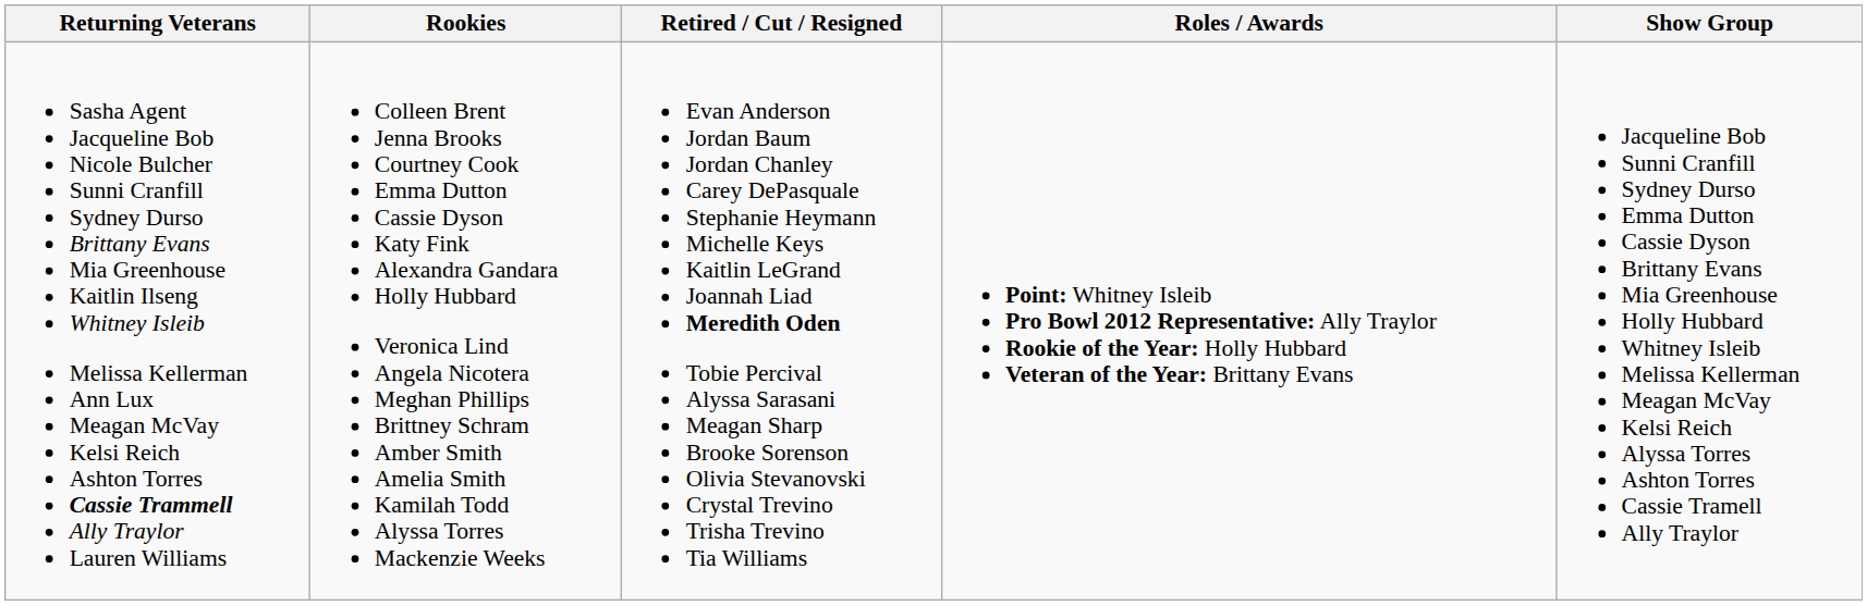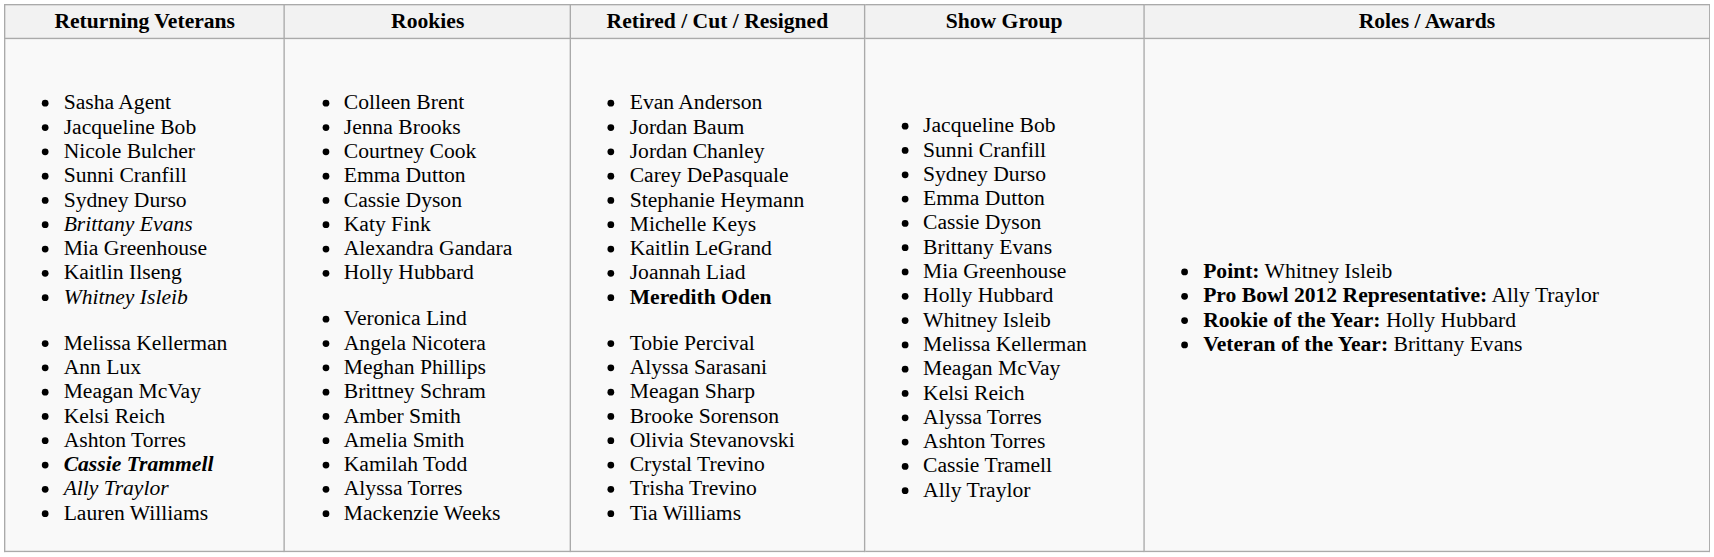 <table class="wikitable" style="width:100%;">
 <tr>
 <th>Returning Veterans</th>
 <th>Rookies</th>
 <th>Retired / Cut / Resigned</th>
+<th>Show Group</th>
 <th>Roles / Awards</th>
-<th>Show Group</th>
 </tr>
 <tr>
 <td><br><ul><li>Sasha Agent</li><li>Jacqueline Bob</li><li>Nicole Bulcher</li><li>Sunni Cranfill</li><li>Sydney Durso</li><li><em>Brittany Evans</em></li><li>Mia Greenhouse</li><li>Kaitlin Ilseng</li><li><em>Whitney Isleib</em></li></ul><ul><li>Melissa Kellerman</li><li>Ann Lux</li><li>Meagan McVay</li><li>Kelsi Reich</li><li>Ashton Torres</li><li><strong><em>Cassie Trammell</em></strong></li><li><em>Ally Traylor</em></li><li>Lauren Williams</li></ul></td>
 <td><br><ul><li>Colleen Brent</li><li>Jenna Brooks</li><li>Courtney Cook</li><li>Emma Dutton</li><li>Cassie Dyson</li><li>Katy Fink</li><li>Alexandra Gandara</li><li>Holly Hubbard</li></ul><ul><li>Veronica Lind</li><li>Angela Nicotera</li><li>Meghan Phillips</li><li>Brittney Schram</li><li>Amber Smith</li><li>Amelia Smith</li><li>Kamilah Todd</li><li>Alyssa Torres</li><li>Mackenzie Weeks</li></ul></td>
 <td><br><ul><li>Evan Anderson </li><li>Jordan Baum </li><li>Jordan Chanley </li><li>Carey DePasquale </li><li>Stephanie Heymann </li><li>Michelle Keys </li><li>Kaitlin LeGrand </li><li>Joannah Liad </li><li><strong>Meredith Oden</strong> </li></ul><ul><li>Tobie Percival </li><li>Alyssa Sarasani </li><li>Meagan Sharp </li><li>Brooke Sorenson </li><li>Olivia Stevanovski </li><li>Crystal Trevino </li><li>Trisha Trevino </li><li>Tia Williams </li></ul></td>
+<td><br><ul><li>Jacqueline Bob</li><li>Sunni Cranfill</li><li>Sydney Durso</li><li>Emma Dutton</li><li>Cassie Dyson</li><li>Brittany Evans</li><li>Mia Greenhouse</li><li>Holly Hubbard</li><li>Whitney Isleib</li><li>Melissa Kellerman</li><li>Meagan McVay</li><li>Kelsi Reich</li><li>Alyssa Torres</li><li>Ashton Torres</li><li>Cassie Tramell</li><li>Ally Traylor</li></ul></td>
 <td><br><ul><li><strong>Point:</strong> Whitney Isleib</li><li><strong>Pro Bowl 2012 Representative:</strong> Ally Traylor</li><li><strong>Rookie of the Year:</strong> Holly Hubbard</li><li><strong>Veteran of the Year:</strong> Brittany Evans</li></ul></td>
-<td><br><ul><li>Jacqueline Bob</li><li>Sunni Cranfill</li><li>Sydney Durso</li><li>Emma Dutton</li><li>Cassie Dyson</li><li>Brittany Evans</li><li>Mia Greenhouse</li><li>Holly Hubbard</li><li>Whitney Isleib</li><li>Melissa Kellerman</li><li>Meagan McVay</li><li>Kelsi Reich</li><li>Alyssa Torres</li><li>Ashton Torres</li><li>Cassie Tramell</li><li>Ally Traylor</li></ul></td>
 </tr>
 </table>
